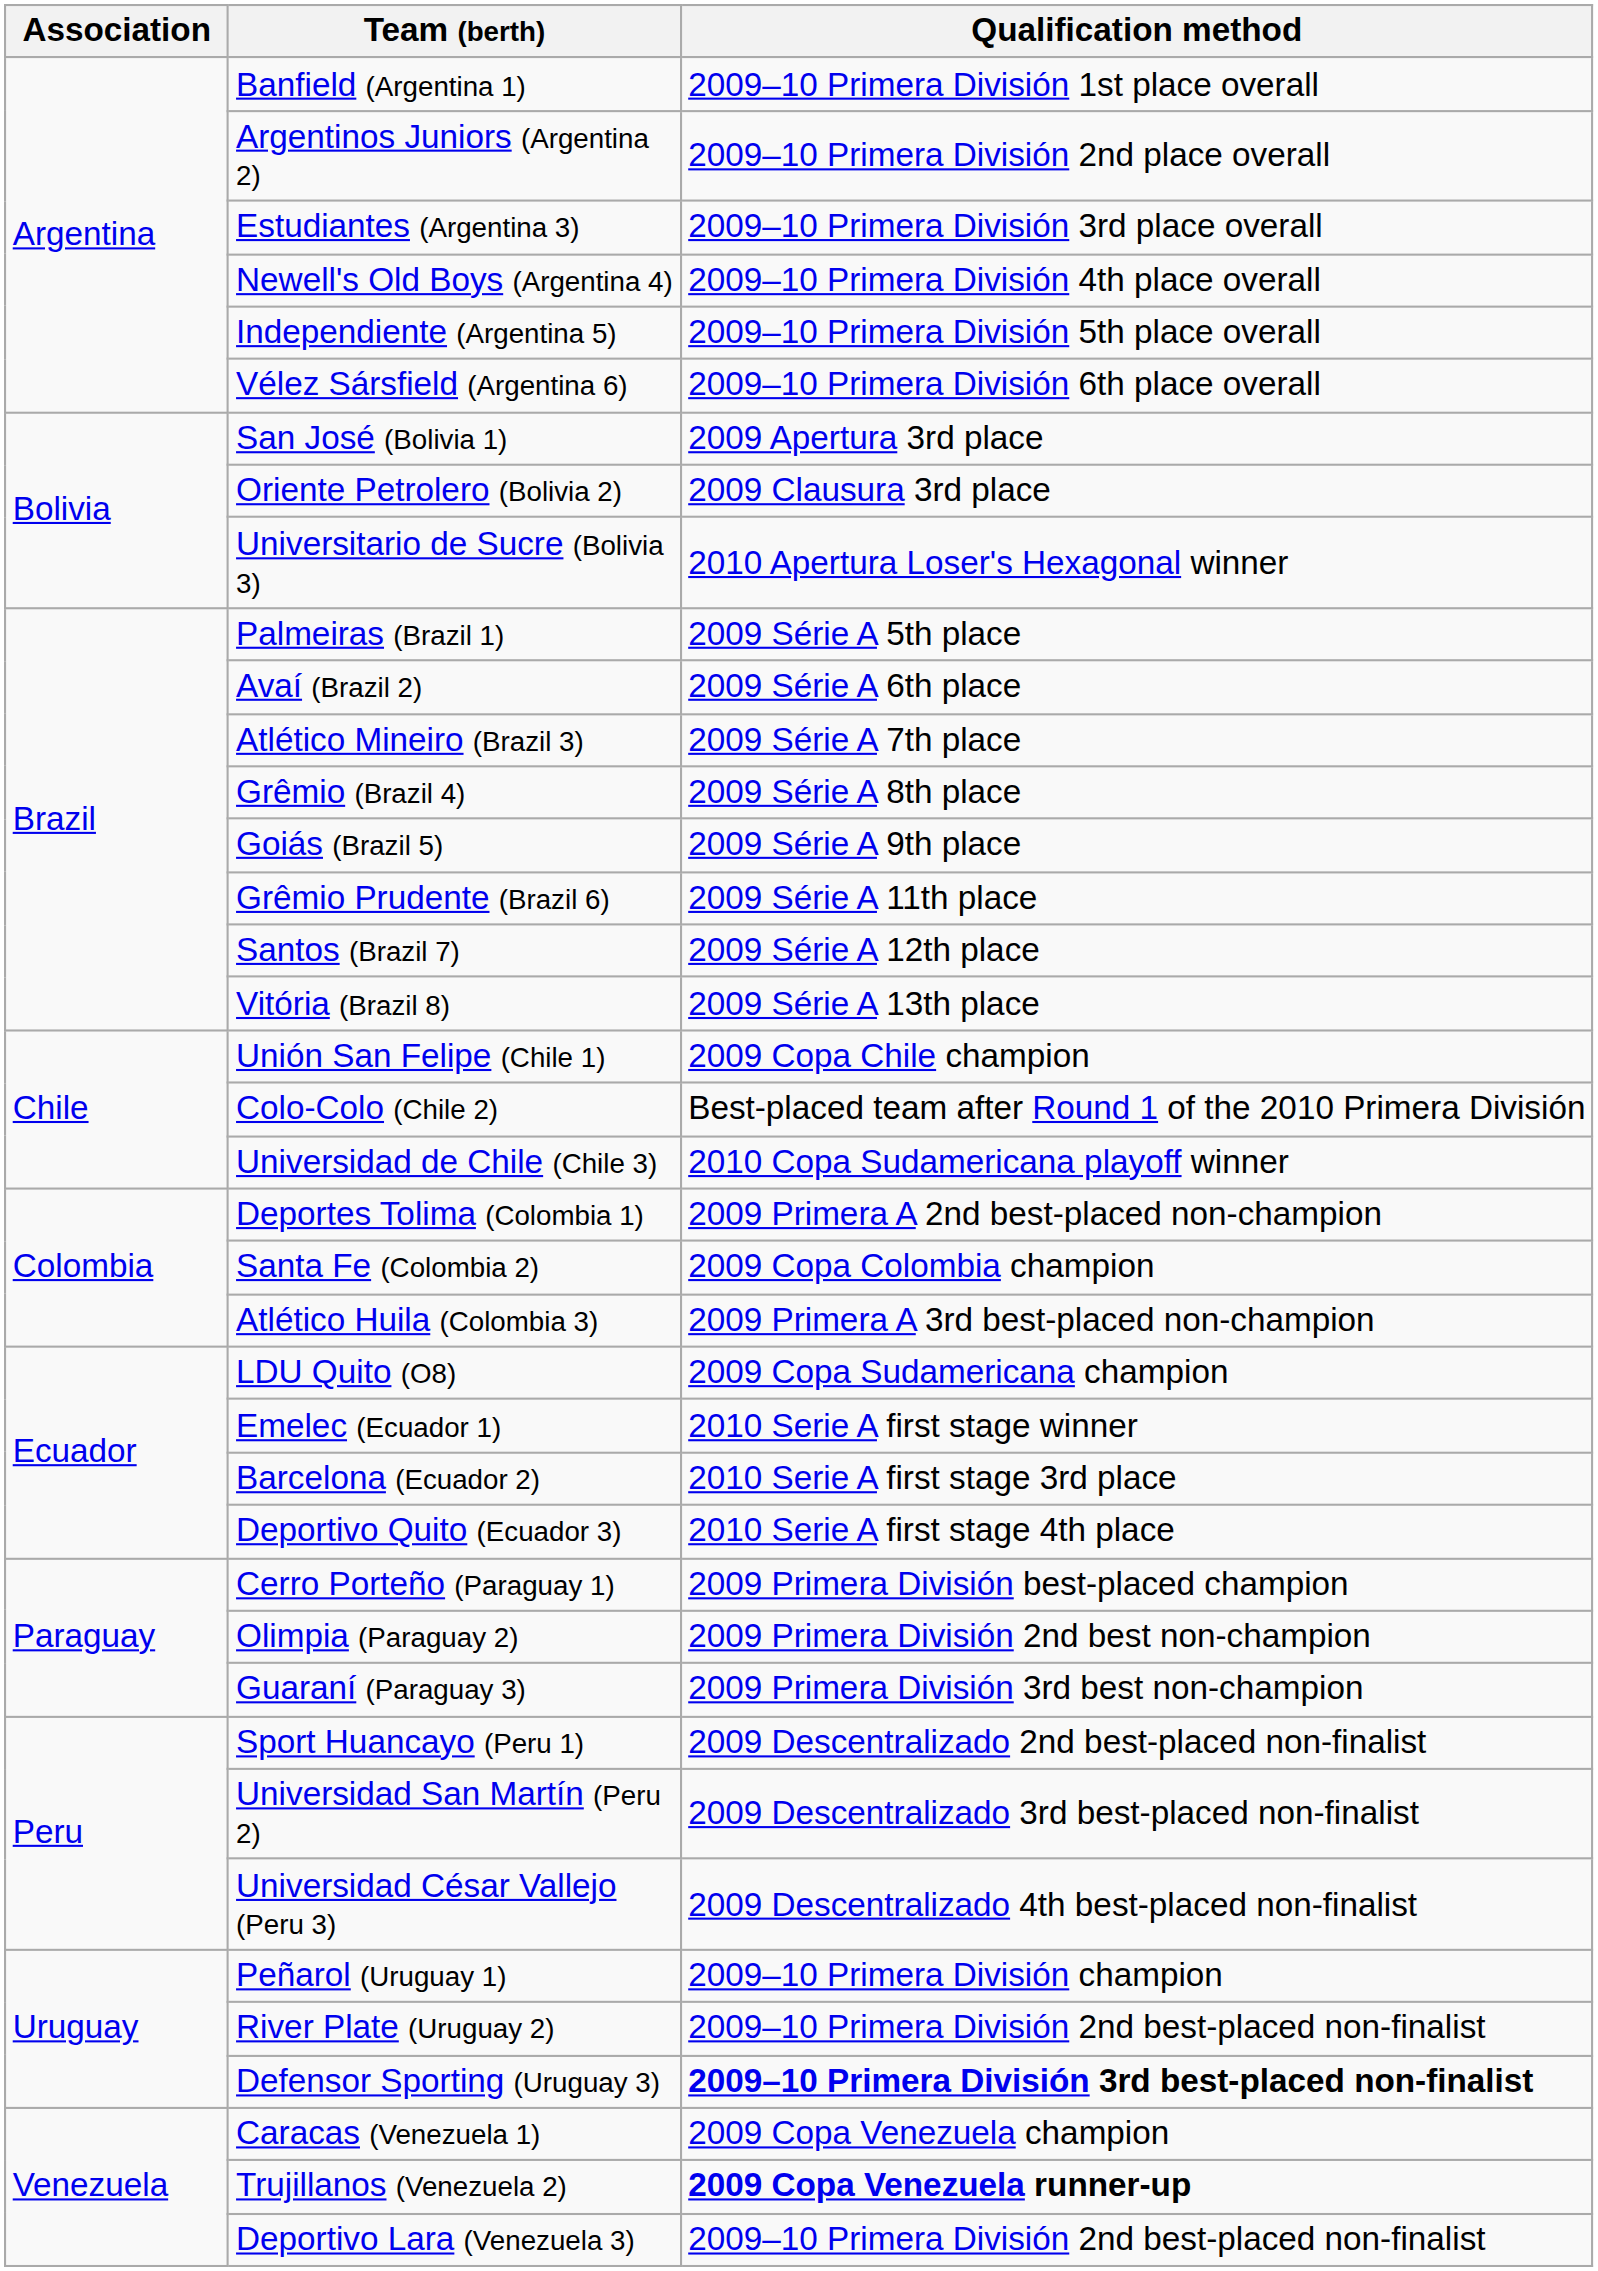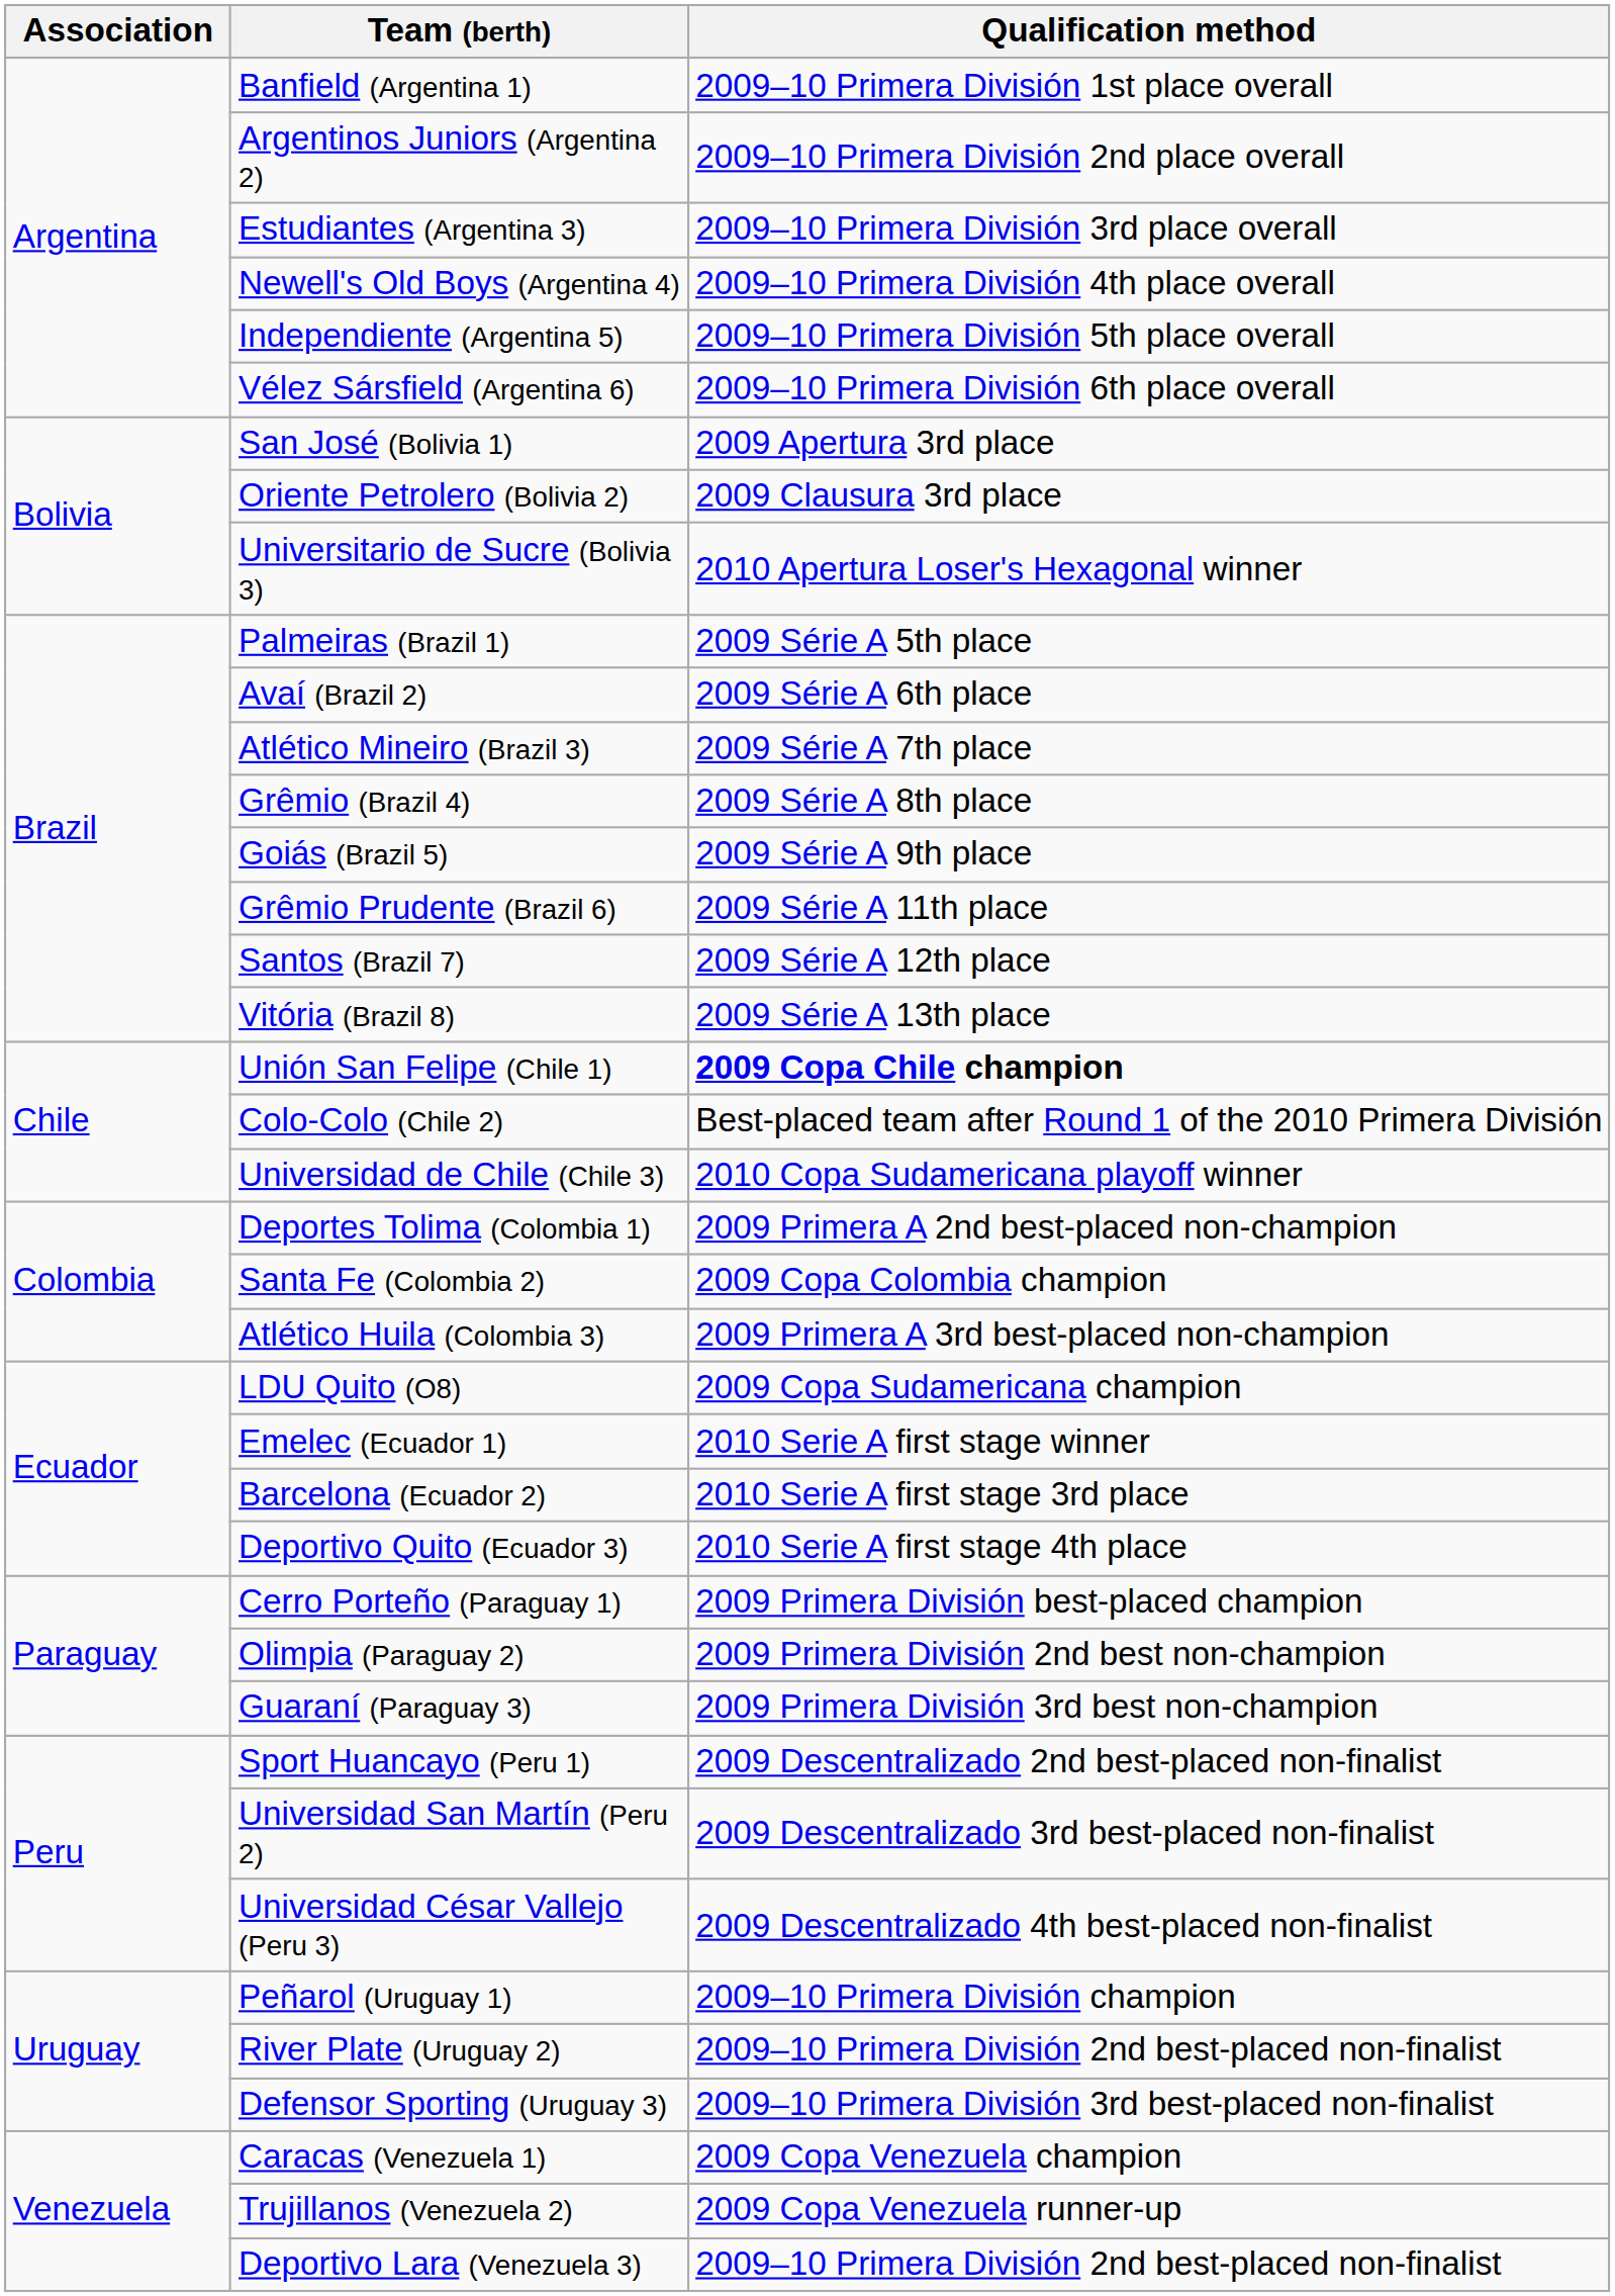 <table class="wikitable">
 <tr>
 <th width=100>Association</th>
 <th width=210>Team <small>(berth)</small></th>
 <th>Qualification method</th>
 </tr>
 <tr>
 <td rowspan="6"> <a href='#'>Argentina</a><br></td>
 <td><a href='#'>Banfield</a> <small>(Argentina 1)</small></td>
 <td><a href='#'>2009–10 Primera División</a> 1st place overall</td>
 </tr>
 <tr>
 <td><a href='#'>Argentinos Juniors</a> <small>(Argentina 2)</small></td>
 <td><a href='#'>2009–10 Primera División</a> 2nd place overall</td>
 </tr>
 <tr>
 <td><a href='#'>Estudiantes</a> <small>(Argentina 3)</small></td>
 <td><a href='#'>2009–10 Primera División</a> 3rd place overall</td>
 </tr>
 <tr>
 <td><a href='#'>Newell's Old Boys</a> <small>(Argentina 4)</small></td>
 <td><a href='#'>2009–10 Primera División</a> 4th place overall</td>
 </tr>
 <tr>
 <td><a href='#'>Independiente</a> <small>(Argentina 5)</small></td>
 <td><a href='#'>2009–10 Primera División</a> 5th place overall</td>
 </tr>
 <tr>
 <td><a href='#'>Vélez Sársfield</a> <small>(Argentina 6)</small></td>
 <td><a href='#'>2009–10 Primera División</a> 6th place overall</td>
 </tr>
 <tr>
 <td rowspan="3"> <a href='#'>Bolivia</a><br></td>
 <td><a href='#'>San José</a> <small>(Bolivia 1)</small></td>
 <td><a href='#'>2009 Apertura</a> 3rd place</td>
 </tr>
 <tr>
 <td><a href='#'>Oriente Petrolero</a> <small>(Bolivia 2)</small></td>
 <td><a href='#'>2009 Clausura</a> 3rd place</td>
 </tr>
 <tr>
 <td><a href='#'>Universitario de Sucre</a> <small>(Bolivia 3)</small></td>
 <td><a href='#'>2010 Apertura Loser's Hexagonal</a> winner</td>
 </tr>
 <tr>
 <td rowspan="8"> <a href='#'>Brazil</a><br></td>
 <td><a href='#'>Palmeiras</a> <small>(Brazil 1)</small></td>
 <td><a href='#'>2009 Série A</a> 5th place</td>
 </tr>
 <tr>
 <td><a href='#'>Avaí</a> <small>(Brazil 2)</small></td>
 <td><a href='#'>2009 Série A</a> 6th place</td>
 </tr>
 <tr>
 <td><a href='#'>Atlético Mineiro</a> <small>(Brazil 3)</small></td>
 <td><a href='#'>2009 Série A</a> 7th place</td>
 </tr>
 <tr>
 <td><a href='#'>Grêmio</a> <small>(Brazil 4)</small></td>
 <td><a href='#'>2009 Série A</a> 8th place</td>
 </tr>
 <tr>
 <td><a href='#'>Goiás</a> <small>(Brazil 5)</small></td>
 <td><a href='#'>2009 Série A</a> 9th place</td>
 </tr>
 <tr>
 <td><a href='#'>Grêmio Prudente</a> <small>(Brazil 6)</small></td>
 <td><a href='#'>2009 Série A</a> 11th place</td>
 </tr>
 <tr>
 <td><a href='#'>Santos</a> <small>(Brazil 7)</small></td>
 <td><a href='#'>2009 Série A</a> 12th place</td>
 </tr>
 <tr>
 <td><a href='#'>Vitória</a> <small>(Brazil 8)</small></td>
 <td><a href='#'>2009 Série A</a> 13th place</td>
 </tr>
 <tr>
 <td rowspan="3"> <a href='#'>Chile</a><br></td>
 <td><a href='#'>Unión San Felipe</a>  <small>(Chile 1)</small></td>
-<td><a href='#'>2009 Copa Chile</a> champion</td>
+<td><strong><a href='#'>2009 Copa Chile</a> champion</strong></td>
 </tr>
 <tr>
 <td><a href='#'>Colo-Colo</a> <small>(Chile 2)</small></td>
 <td>Best-placed team after <a href='#'>Round 1</a> of the 2010 Primera División</td>
 </tr>
 <tr>
 <td><a href='#'>Universidad de Chile</a> <small>(Chile 3)</small></td>
 <td><a href='#'>2010 Copa Sudamericana playoff</a> winner</td>
 </tr>
 <tr>
 <td rowspan="3"> <a href='#'>Colombia</a><br></td>
 <td><a href='#'>Deportes Tolima</a> <small>(Colombia 1)</small></td>
 <td><a href='#'>2009 Primera A</a> 2nd best-placed non-champion</td>
 </tr>
 <tr>
 <td><a href='#'>Santa Fe</a> <small>(Colombia 2)</small></td>
 <td><a href='#'>2009 Copa Colombia</a> champion</td>
 </tr>
 <tr>
 <td><a href='#'>Atlético Huila</a> <small>(Colombia 3)</small></td>
 <td><a href='#'>2009 Primera A</a> 3rd best-placed non-champion</td>
 </tr>
 <tr>
 <td rowspan="4"> <a href='#'>Ecuador</a><br></td>
 <td><a href='#'>LDU Quito</a> <small>(O8)</small></td>
 <td><a href='#'>2009 Copa Sudamericana</a> champion</td>
 </tr>
 <tr>
 <td><a href='#'>Emelec</a> <small>(Ecuador 1)</small></td>
 <td><a href='#'>2010 Serie A</a> first stage winner</td>
 </tr>
 <tr>
 <td><a href='#'>Barcelona</a> <small>(Ecuador 2)</small></td>
 <td><a href='#'>2010 Serie A</a> first stage 3rd place</td>
 </tr>
 <tr>
 <td><a href='#'>Deportivo Quito</a> <small>(Ecuador 3)</small></td>
 <td><a href='#'>2010 Serie A</a> first stage 4th place</td>
 </tr>
 <tr>
 <td rowspan="3"> <a href='#'>Paraguay</a><br></td>
 <td><a href='#'>Cerro Porteño</a> <small>(Paraguay 1)</small></td>
 <td><a href='#'>2009 Primera División</a> best-placed champion</td>
 </tr>
 <tr>
 <td><a href='#'>Olimpia</a> <small>(Paraguay 2)</small></td>
 <td><a href='#'>2009 Primera División</a> 2nd best non-champion</td>
 </tr>
 <tr>
 <td><a href='#'>Guaraní</a> <small>(Paraguay 3)</small></td>
 <td><a href='#'>2009 Primera División</a> 3rd best non-champion</td>
 </tr>
 <tr>
 <td rowspan="3"> <a href='#'>Peru</a><br></td>
 <td><a href='#'>Sport Huancayo</a> <small>(Peru 1)</small></td>
 <td><a href='#'>2009 Descentralizado</a> 2nd best-placed non-finalist</td>
 </tr>
 <tr>
 <td><a href='#'>Universidad San Martín</a> <small>(Peru 2)</small></td>
 <td><a href='#'>2009 Descentralizado</a> 3rd best-placed non-finalist</td>
 </tr>
 <tr>
 <td><a href='#'>Universidad César Vallejo</a> <small>(Peru 3)</small></td>
 <td><a href='#'>2009 Descentralizado</a> 4th best-placed non-finalist</td>
 </tr>
 <tr>
 <td rowspan="3"> <a href='#'>Uruguay</a><br></td>
 <td><a href='#'>Peñarol</a> <small>(Uruguay 1)</small></td>
 <td><a href='#'>2009–10 Primera División</a> champion</td>
 </tr>
 <tr>
 <td><a href='#'>River Plate</a> <small>(Uruguay 2)</small></td>
 <td><a href='#'>2009–10 Primera División</a> 2nd best-placed non-finalist</td>
 </tr>
 <tr>
 <td><a href='#'>Defensor Sporting</a> <small>(Uruguay 3)</small></td>
-<td><strong><a href='#'>2009–10 Primera División</a> 3rd best-placed non-finalist</strong></td>
+<td><a href='#'>2009–10 Primera División</a> 3rd best-placed non-finalist</td>
 </tr>
 <tr>
 <td rowspan="3"> <a href='#'>Venezuela</a><br></td>
 <td><a href='#'>Caracas</a> <small>(Venezuela 1)</small></td>
 <td><a href='#'>2009 Copa Venezuela</a> champion</td>
 </tr>
 <tr>
 <td><a href='#'>Trujillanos</a> <small>(Venezuela 2)</small></td>
-<td><strong><a href='#'>2009 Copa Venezuela</a> runner-up</strong></td>
+<td><a href='#'>2009 Copa Venezuela</a> runner-up</td>
 </tr>
 <tr>
 <td><a href='#'>Deportivo Lara</a> <small>(Venezuela 3)</small></td>
 <td><a href='#'>2009–10 Primera División</a> 2nd best-placed non-finalist</td>
 </tr>
 </table>
